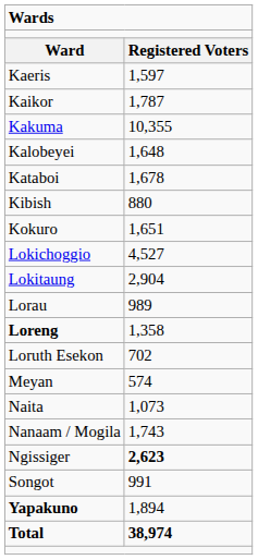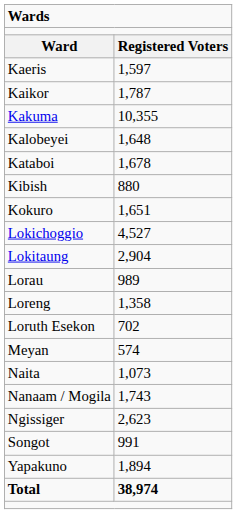 <table class="wikitable">
 <tr>
 <td colspan="2"><strong>Wards</strong></td>
 </tr>
 <tr>
 <td colspan="2"></td>
 </tr>
 <tr>
 <th>Ward</th>
 <th>Registered Voters</th>
 </tr>
 <tr>
 <td>Kaeris</td>
 <td>1,597</td>
 </tr>
 <tr>
 <td>Kaikor</td>
 <td>1,787</td>
 </tr>
 <tr>
 <td><a href='#'>Kakuma</a></td>
 <td>10,355</td>
 </tr>
 <tr>
 <td>Kalobeyei</td>
 <td>1,648</td>
 </tr>
 <tr>
 <td>Kataboi</td>
 <td>1,678</td>
 </tr>
 <tr>
 <td>Kibish</td>
 <td>880</td>
 </tr>
 <tr>
 <td>Kokuro</td>
 <td>1,651</td>
 </tr>
 <tr>
 <td><a href='#'>Lokichoggio</a></td>
 <td>4,527</td>
 </tr>
 <tr>
 <td><a href='#'>Lokitaung</a></td>
 <td>2,904</td>
 </tr>
 <tr>
 <td>Lorau</td>
 <td>989</td>
 </tr>
 <tr>
-<td><strong>Loreng</strong></td>
+<td>Loreng</td>
 <td>1,358</td>
 </tr>
 <tr>
 <td>Loruth Esekon</td>
 <td>702</td>
 </tr>
 <tr>
 <td>Meyan</td>
 <td>574</td>
 </tr>
 <tr>
 <td>Naita</td>
 <td>1,073</td>
 </tr>
 <tr>
 <td>Nanaam / Mogila</td>
 <td>1,743</td>
 </tr>
 <tr>
 <td>Ngissiger</td>
-<td><strong>2,623</strong></td>
+<td>2,623</td>
 </tr>
 <tr>
 <td>Songot</td>
 <td>991</td>
 </tr>
 <tr>
-<td><strong>Yapakuno</strong></td>
+<td>Yapakuno</td>
 <td>1,894</td>
 </tr>
 <tr>
 <td><strong>Total</strong></td>
 <td><strong>38,974</strong></td>
 </tr>
 <tr>
 <td colspan="2"></td>
 </tr>
 </table>
